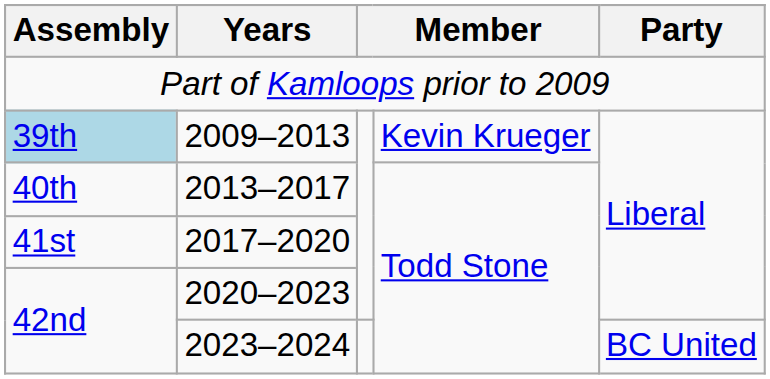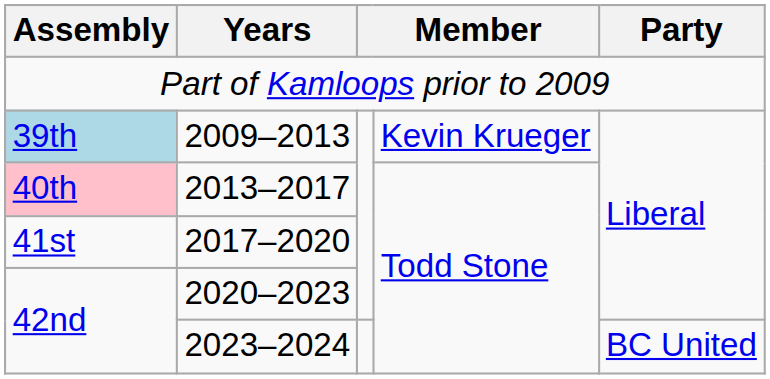 <table class="wikitable">
 <tr>
 <th>Assembly</th>
 <th>Years</th>
 <th colspan="2">Member</th>
 <th>Party</th>
 </tr>
 <tr>
 <td align="center" colspan=5><em>Part of <a href='#'>Kamloops</a> prior to 2009</em></td>
 </tr>
 <tr>
 <td style="background: lightblue;"><a href='#'>39th</a></td>
 <td>2009–2013</td>
 <td rowspan=4 ></td>
 <td><a href='#'>Kevin Krueger</a></td>
 <td rowspan=4><a href='#'>Liberal</a></td>
 </tr>
 <tr>
-<td><a href='#'>40th</a></td>
+<td style="background: pink;"><a href='#'>40th</a></td>
 <td>2013–2017</td>
 <td rowspan=4><a href='#'>Todd Stone</a></td>
 </tr>
 <tr>
 <td><a href='#'>41st</a></td>
 <td>2017–2020</td>
 </tr>
 <tr>
 <td rowspan=2><a href='#'>42nd</a></td>
 <td>2020–2023</td>
 </tr>
 <tr>
 <td>2023–2024</td>
 <td></td>
 <td><a href='#'>BC United</a></td>
 </tr>
 </table>
